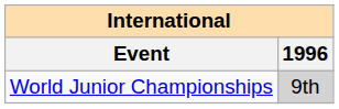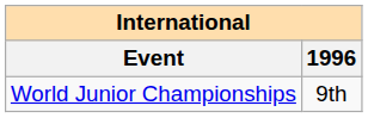 <table class="wikitable" style="text-align:center">
 <tr>
 <th style="background-color: #ffdead; " colspan=2 align=center>International</th>
 </tr>
 <tr>
 <th>Event</th>
 <th>1996</th>
 </tr>
 <tr>
 <td align=left><a href='#'>World Junior Championships</a></td>
-<td style="background: lightgrey;">9th</td>
+<td>9th</td>
 </tr>
 </table>
